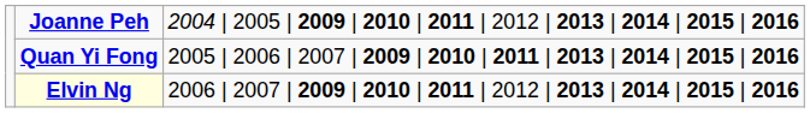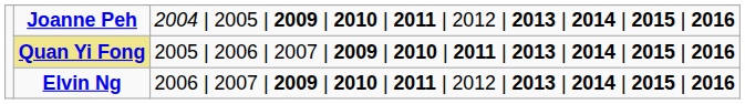 <table class="wikitable" style="text-align:center">
 <tr>
 <td rowspan=3><div></div></td>
 <td><strong><a href='#'>Joanne Peh</a></strong></td>
 <td><em>2004</em> | 2005 | <strong>2009</strong> | <strong>2010</strong> | <strong>2011</strong> | 2012 | <strong>2013</strong> | <strong>2014</strong> | <strong>2015</strong> | <strong>2016</strong></td>
 </tr>
 <tr>
-<td><strong><a href='#'>Quan Yi Fong</a></strong></td>
+<td style="background: khaki;"><strong><a href='#'>Quan Yi Fong</a></strong></td>
 <td>2005 | 2006 | 2007 | <strong>2009</strong> | <strong>2010</strong> | <strong>2011</strong> | <strong>2013</strong> | <strong>2014</strong> | <strong>2015</strong> | <strong>2016</strong></td>
 </tr>
 <tr>
-<td style="background: lightyellow;"><strong><a href='#'>Elvin Ng</a></strong></td>
+<td><strong><a href='#'>Elvin Ng</a></strong></td>
 <td>2006 | 2007 | <strong>2009</strong> | <strong>2010</strong> | <strong>2011</strong> | 2012 | <strong>2013</strong> | <strong>2014</strong> | <strong>2015</strong> | <strong>2016</strong></td>
 </tr>
 </table>
